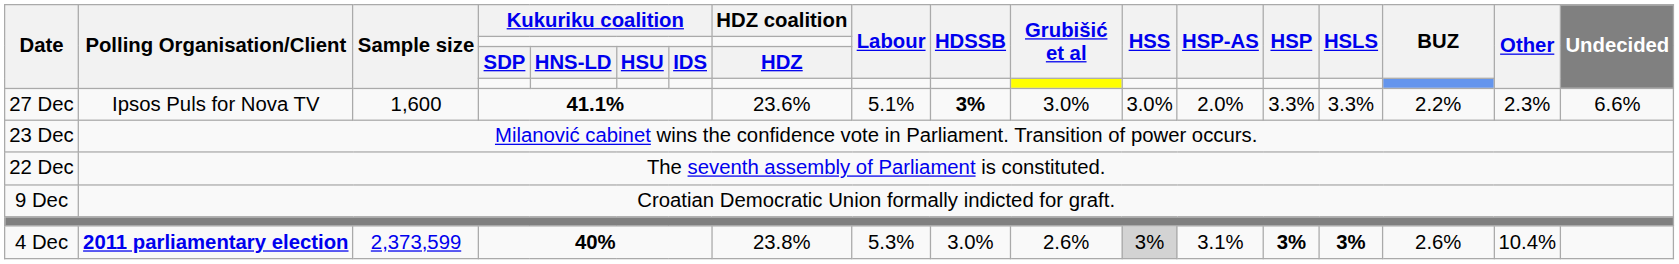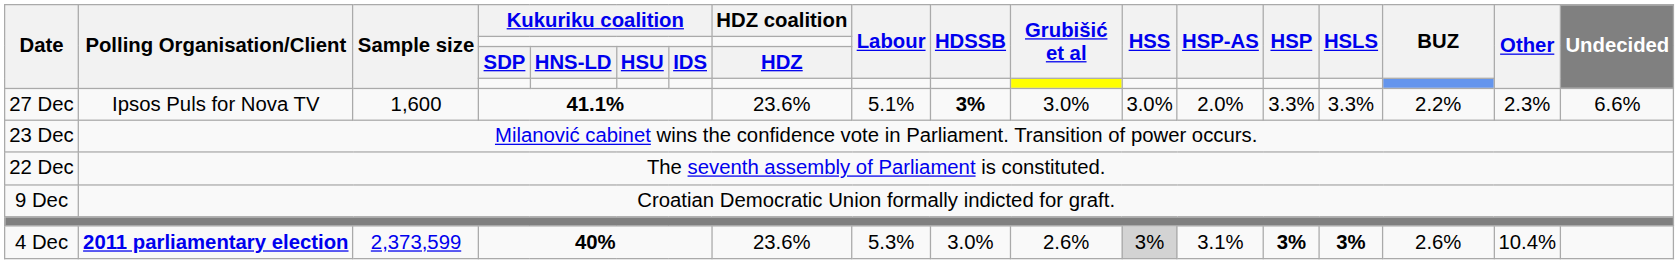 <table class="wikitable" style="text-align:center;">
 <tr>
 <th rowspan="4">Date</th>
 <th rowspan="4">Polling Organisation/Client</th>
 <th rowspan="4">Sample size</th>
 <th colspan="4"><a href='#'>Kukuriku coalition</a></th>
 <th>HDZ coalition</th>
 <th rowspan="3"><a href='#'>Labour</a></th>
 <th rowspan="3"><a href='#'>HDSSB</a></th>
 <th rowspan="3"><a href='#'>Grubišić et al</a></th>
 <th rowspan="3"><a href='#'>HSS</a></th>
 <th rowspan="3"><a href='#'>HSP-AS</a></th>
 <th rowspan="3"><a href='#'>HSP</a></th>
 <th rowspan="3"><a href='#'>HSLS</a></th>
 <th rowspan="3">BUZ</th>
 <th rowspan="4"><a href='#'>Other</a></th>
 <th rowspan="4" style="background:gray; color:white;">Undecided</th>
 </tr>
 <tr>
 <td colspan="4" style="background: "></td>
 <td colspan="1" style="background: "></td>
 </tr>
 <tr>
 <th><a href='#'>SDP</a></th>
 <th><a href='#'>HNS-LD</a></th>
 <th><a href='#'>HSU</a></th>
 <th><a href='#'>IDS</a></th>
 <th><a href='#'>HDZ</a></th>
 </tr>
 <tr>
 <td style="background: "></td>
 <td style="background: "></td>
 <td style="background: "></td>
 <td style="background: "></td>
 <td style="background: "></td>
 <td style="background: "></td>
 <td style="background: "></td>
 <td style="background:yellow; width:80px;"></td>
 <td style="background: "></td>
 <td style="background: "></td>
 <td style="background: "></td>
 <td style="background: "></td>
 <td style="background:#6495ed; width:80px;"></td>
 </tr>
 <tr>
 <td>27 Dec</td>
 <td>Ipsos Puls for Nova TV</td>
 <td>1,600</td>
 <td colspan="4" align="center" ><strong>41.1%</strong></td>
 <td style="text-align:center;">23.6%</td>
 <td align=center>5.1%</td>
 <td align=center><strong>3%</strong></td>
 <td style="text-align:center;">3.0%</td>
 <td align=center>3.0%</td>
 <td align=center>2.0%</td>
 <td align=center>3.3%</td>
 <td align=center>3.3%</td>
 <td style="text-align:center;">2.2%</td>
 <td align=center>2.3%</td>
 <td align=center>6.6%</td>
 </tr>
 <tr>
 <td>23 Dec</td>
 <td colspan="17"><a href='#'>Milanović cabinet</a> wins the confidence vote in Parliament. Transition of power occurs.</td>
 </tr>
 <tr>
 <td>22 Dec</td>
 <td colspan="17">The <a href='#'>seventh assembly of Parliament</a> is constituted.</td>
 </tr>
 <tr>
 <td>9 Dec</td>
 <td colspan="17">Croatian Democratic Union formally indicted for graft.</td>
 </tr>
 <tr>
 <td style="background:gray;" colspan="18"></td>
 </tr>
 <tr>
 <td>4 Dec</td>
 <td><strong><a href='#'>2011 parliamentary election</a></strong></td>
 <td><a href='#'>2,373,599</a></td>
 <td colspan="4" align="center" ><strong>40%</strong></td>
-<td style="text-align:center;">23.8%</td>
+<td style="text-align:center;">23.6%</td>
 <td align=center>5.3%</td>
 <td align=center>3.0%</td>
 <td style="text-align:center;">2.6%</td>
 <td align=center style="background: lightgrey;">3%</td>
 <td align=center>3.1%</td>
 <td align=center><strong>3%</strong></td>
 <td align=center><strong>3%</strong></td>
 <td style="text-align:center;">2.6%</td>
 <td align=center>10.4%</td>
 <td align=center></td>
 </tr>
 </table>
